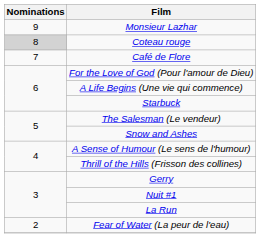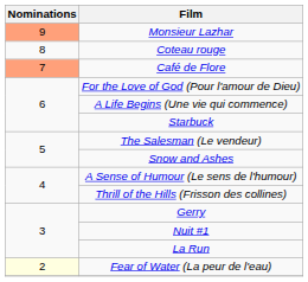 <table class="wikitable" style="text-align:center;">
 <tr>
 <th scope="col" width="17">Nominations</th>
 <th scope="col" align="center">Film</th>
 </tr>
 <tr>
-<td rowspan="1" style="text-align:center;">9</td>
+<td rowspan="1" style="background: lightsalmon; text-align:center;">9</td>
 <td><em><a href='#'>Monsieur Lazhar</a></em></td>
 </tr>
 <tr>
-<td rowspan="1" style="background: lightgrey; text-align:center;">8</td>
+<td rowspan="1" style="text-align:center;">8</td>
 <td><em><a href='#'>Coteau rouge</a></em></td>
 </tr>
 <tr>
-<td rowspan="1" style="text-align:center;">7</td>
+<td rowspan="1" style="background: lightsalmon; text-align:center;">7</td>
 <td><em><a href='#'>Café de Flore</a></em></td>
 </tr>
 <tr>
 <td rowspan="3" style="text-align:center;">6</td>
 <td><em><a href='#'>For the Love of God</a> (Pour l'amour de Dieu)</em></td>
 </tr>
 <tr>
 <td><em><a href='#'>A Life Begins</a> (Une vie qui commence)</em></td>
 </tr>
 <tr>
 <td><em><a href='#'>Starbuck</a></em></td>
 </tr>
 <tr>
 <td rowspan="2" style="text-align:center;">5</td>
 <td><em><a href='#'>The Salesman</a> (Le vendeur)</em></td>
 </tr>
 <tr>
 <td><em><a href='#'>Snow and Ashes</a></em></td>
 </tr>
 <tr>
 <td rowspan="2" style="text-align:center;">4</td>
 <td><em><a href='#'>A Sense of Humour</a> (Le sens de l'humour)</em></td>
 </tr>
 <tr>
 <td><em><a href='#'>Thrill of the Hills</a> (Frisson des collines)</em></td>
 </tr>
 <tr>
 <td rowspan="3" style="text-align:center;">3</td>
 <td><em><a href='#'>Gerry</a></em></td>
 </tr>
 <tr>
 <td><em><a href='#'>Nuit #1</a></em></td>
 </tr>
 <tr>
 <td><em><a href='#'>La Run</a></em></td>
 </tr>
 <tr>
-<td rowspan="1" style="text-align:center;">2</td>
+<td rowspan="1" style="background: lightyellow; text-align:center;">2</td>
 <td><em><a href='#'>Fear of Water</a> (La peur de l'eau)</em></td>
 </tr>
 <tr>
 </tr>
 </table>
